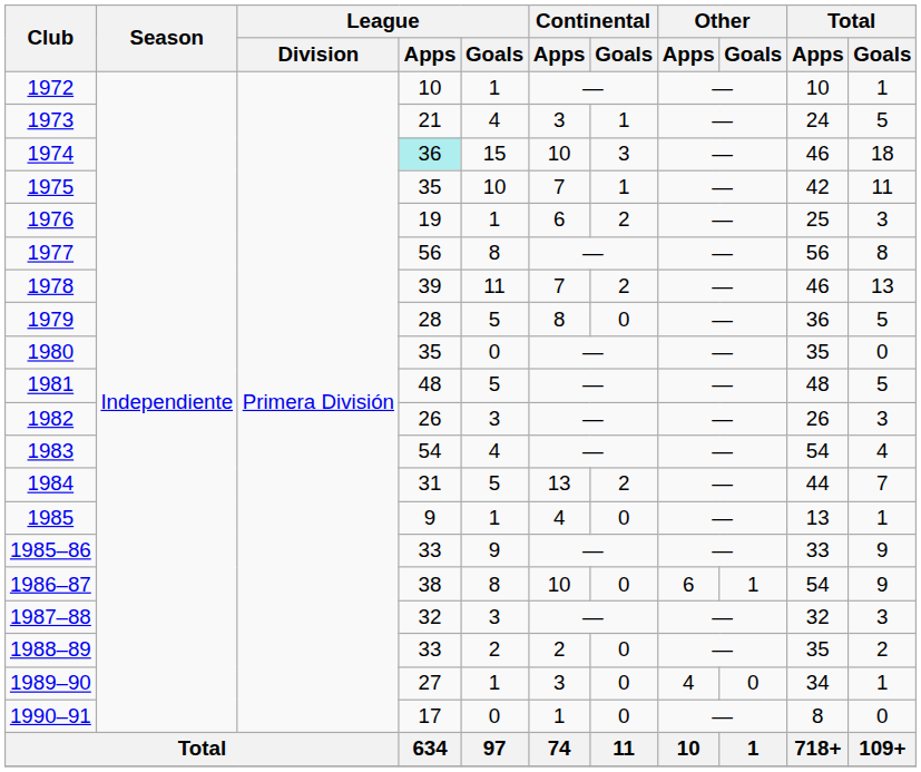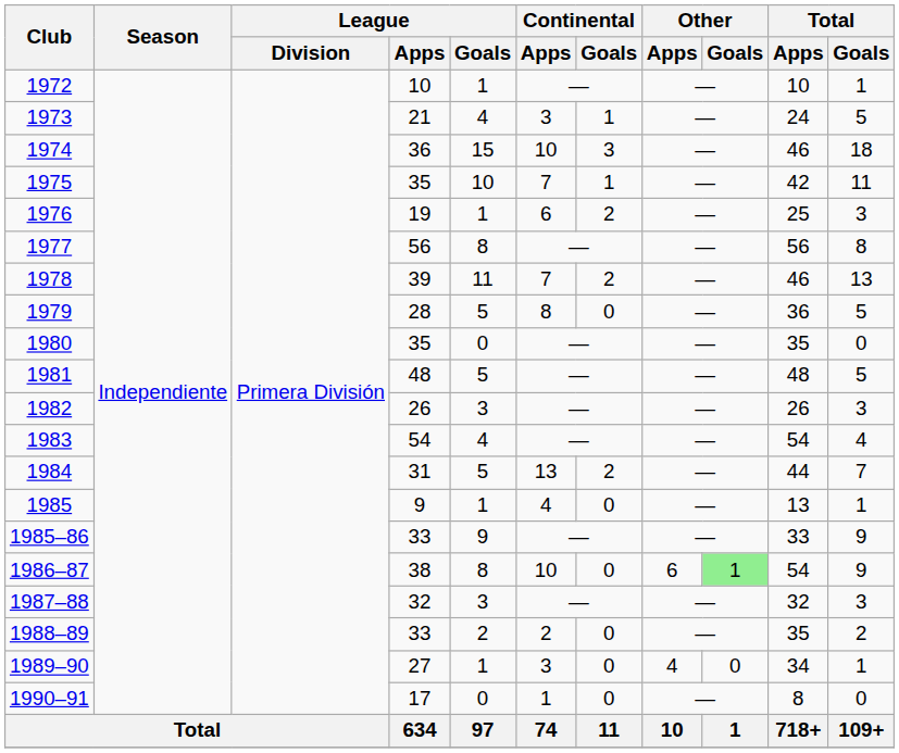 <table class="wikitable" style="text-align:center">
 <tr>
 <th rowspan="2">Club</th>
 <th rowspan="2">Season</th>
 <th colspan="3">League</th>
 <th colspan="2">Continental</th>
 <th colspan="2">Other</th>
 <th colspan="2">Total</th>
 </tr>
 <tr>
 <th>Division</th>
 <th>Apps</th>
 <th>Goals</th>
 <th>Apps</th>
 <th>Goals</th>
 <th>Apps</th>
 <th>Goals</th>
 <th>Apps</th>
 <th>Goals</th>
 </tr>
 <tr>
 <td><a href='#'>1972</a></td>
 <td rowspan="20"><a href='#'>Independiente</a></td>
 <td rowspan="20"><a href='#'>Primera División</a></td>
 <td>10</td>
 <td>1</td>
 <td colspan=2>—</td>
 <td colspan=2>—</td>
 <td>10</td>
 <td>1</td>
 </tr>
 <tr>
 <td><a href='#'>1973</a></td>
 <td>21</td>
 <td>4</td>
 <td>3</td>
 <td>1</td>
 <td colspan=2>—</td>
 <td>24</td>
 <td>5</td>
 </tr>
 <tr>
 <td><a href='#'>1974</a></td>
-<td style="background: paleturquoise;">36</td>
+<td>36</td>
 <td>15</td>
 <td>10</td>
 <td>3</td>
 <td colspan=2>—</td>
 <td>46</td>
 <td>18</td>
 </tr>
 <tr>
 <td><a href='#'>1975</a></td>
 <td>35</td>
 <td>10</td>
 <td>7</td>
 <td>1</td>
 <td colspan=2>—</td>
 <td>42</td>
 <td>11</td>
 </tr>
 <tr>
 <td><a href='#'>1976</a></td>
 <td>19</td>
 <td>1</td>
 <td>6</td>
 <td>2</td>
 <td colspan=2>—</td>
 <td>25</td>
 <td>3</td>
 </tr>
 <tr>
 <td><a href='#'>1977</a></td>
 <td>56</td>
 <td>8</td>
 <td colspan=2>—</td>
 <td colspan=2>—</td>
 <td>56</td>
 <td>8</td>
 </tr>
 <tr>
 <td><a href='#'>1978</a></td>
 <td>39</td>
 <td>11</td>
 <td>7</td>
 <td>2</td>
 <td colspan=2>—</td>
 <td>46</td>
 <td>13</td>
 </tr>
 <tr>
 <td><a href='#'>1979</a></td>
 <td>28</td>
 <td>5</td>
 <td>8</td>
 <td>0</td>
 <td colspan=2>—</td>
 <td>36</td>
 <td>5</td>
 </tr>
 <tr>
 <td><a href='#'>1980</a></td>
 <td>35</td>
 <td>0</td>
 <td colspan=2>—</td>
 <td colspan=2>—</td>
 <td>35</td>
 <td>0</td>
 </tr>
 <tr>
 <td><a href='#'>1981</a></td>
 <td>48</td>
 <td>5</td>
 <td colspan=2>—</td>
 <td colspan=2>—</td>
 <td>48</td>
 <td>5</td>
 </tr>
 <tr>
 <td><a href='#'>1982</a></td>
 <td>26</td>
 <td>3</td>
 <td colspan=2>—</td>
 <td colspan=2>—</td>
 <td>26</td>
 <td>3</td>
 </tr>
 <tr>
 <td><a href='#'>1983</a></td>
 <td>54</td>
 <td>4</td>
 <td colspan=2>—</td>
 <td colspan=2>—</td>
 <td>54</td>
 <td>4</td>
 </tr>
 <tr>
 <td><a href='#'>1984</a></td>
 <td>31</td>
 <td>5</td>
 <td>13</td>
 <td>2</td>
 <td colspan=2>—</td>
 <td>44</td>
 <td>7</td>
 </tr>
 <tr>
 <td><a href='#'>1985</a></td>
 <td>9</td>
 <td>1</td>
 <td>4</td>
 <td>0</td>
 <td colspan=2>—</td>
 <td>13</td>
 <td>1</td>
 </tr>
 <tr>
 <td><a href='#'>1985–86</a></td>
 <td>33</td>
 <td>9</td>
 <td colspan=2>—</td>
 <td colspan=2>—</td>
 <td>33</td>
 <td>9</td>
 </tr>
 <tr>
 <td><a href='#'>1986–87</a></td>
 <td>38</td>
 <td>8</td>
 <td>10</td>
 <td>0</td>
 <td>6</td>
-<td>1</td>
+<td style="background: lightgreen;">1</td>
 <td>54</td>
 <td>9</td>
 </tr>
 <tr>
 <td><a href='#'>1987–88</a></td>
 <td>32</td>
 <td>3</td>
 <td colspan=2>—</td>
 <td colspan=2>—</td>
 <td>32</td>
 <td>3</td>
 </tr>
 <tr>
 <td><a href='#'>1988–89</a></td>
 <td>33</td>
 <td>2</td>
 <td>2</td>
 <td>0</td>
 <td colspan=2>—</td>
 <td>35</td>
 <td>2</td>
 </tr>
 <tr>
 <td><a href='#'>1989–90</a></td>
 <td>27</td>
 <td>1</td>
 <td>3</td>
 <td>0</td>
 <td>4</td>
 <td>0</td>
 <td>34</td>
 <td>1</td>
 </tr>
 <tr>
 <td><a href='#'>1990–91</a></td>
 <td>17</td>
 <td>0</td>
 <td>1</td>
 <td>0</td>
 <td colspan=2>—</td>
 <td>8</td>
 <td>0</td>
 </tr>
 <tr>
 <th colspan=3>Total</th>
 <th>634</th>
 <th>97</th>
 <th>74</th>
 <th>11</th>
 <th>10</th>
 <th>1</th>
 <th>718+</th>
 <th>109+</th>
 </tr>
 <tr>
 </tr>
 </table>
